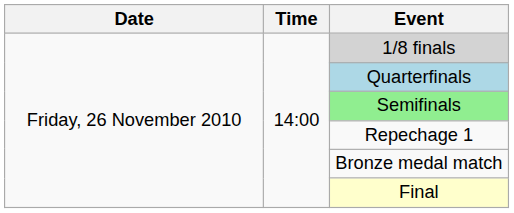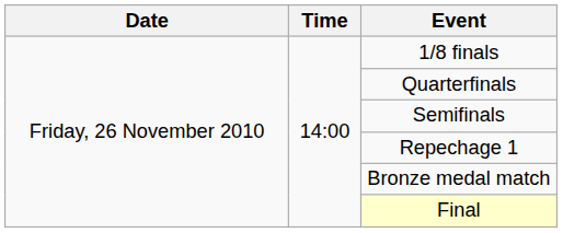 <table class = "wikitable" style="text-align:center;">
 <tr>
 <th width=220>Date</th>
 <th width=50>Time</th>
 <th width=150>Event</th>
 </tr>
 <tr>
 <td rowspan=6>Friday, 26 November 2010</td>
 <td rowspan=6>14:00</td>
-<td style="background: lightgrey;">1/8 finals</td>
+<td>1/8 finals</td>
 </tr>
 <tr>
-<td style="background: lightblue;">Quarterfinals</td>
+<td>Quarterfinals</td>
 </tr>
 <tr>
-<td style="background: lightgreen;">Semifinals</td>
+<td>Semifinals</td>
 </tr>
 <tr>
 <td>Repechage 1</td>
 </tr>
 <tr>
 <td>Bronze medal match</td>
 </tr>
 <tr>
 <td bgcolor=ffffcc>Final</td>
 </tr>
 </table>
